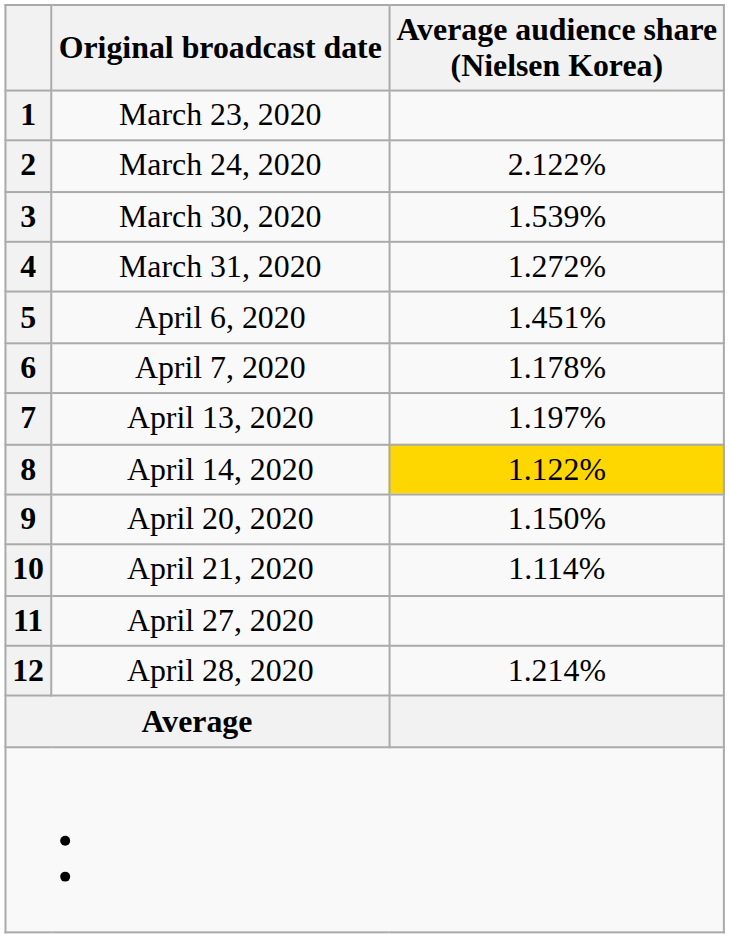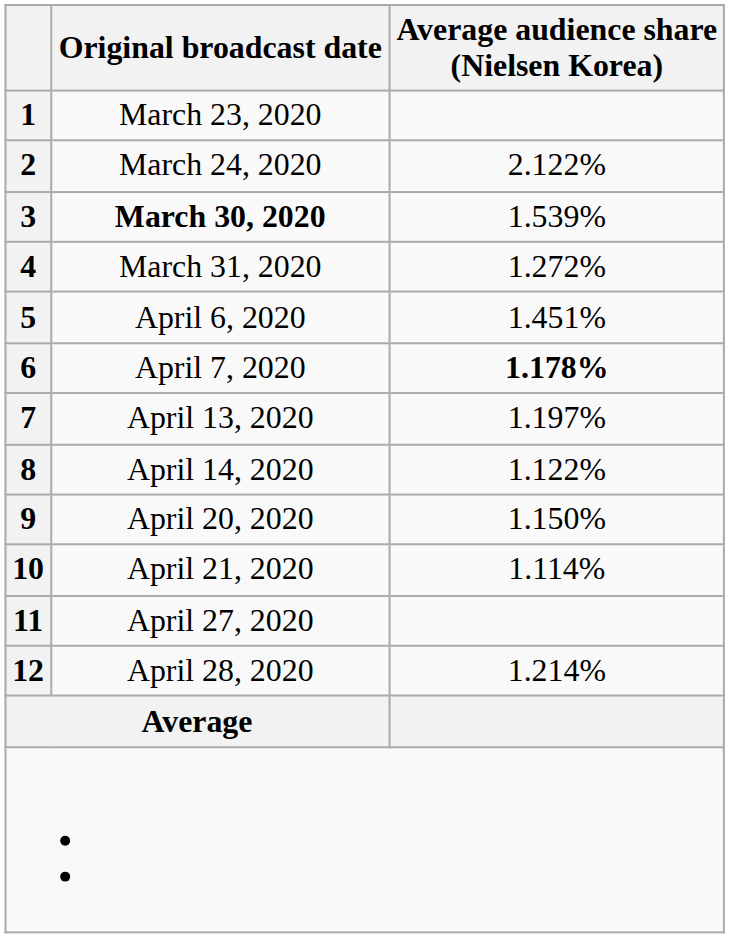 <table class="wikitable" style="text-align:center;max-width:450px; margin-left: auto; margin-right: auto; border: none;">
 <tr>
 </tr>
 <tr>
 <th></th>
 <th>Original broadcast date</th>
 <th>Average audience share<br>(Nielsen Korea)</th>
 </tr>
 <tr>
 <th>1</th>
 <td>March 23, 2020</td>
 <td></td>
 </tr>
 <tr>
 <th>2</th>
 <td>March 24, 2020</td>
 <td>2.122%</td>
 </tr>
 <tr>
 <th>3</th>
-<td>March 30, 2020</td>
+<td><strong>March 30, 2020</strong></td>
 <td>1.539%</td>
 </tr>
 <tr>
 <th>4</th>
 <td>March 31, 2020</td>
 <td>1.272%</td>
 </tr>
 <tr>
 <th>5</th>
 <td>April 6, 2020</td>
 <td>1.451%</td>
 </tr>
 <tr>
 <th>6</th>
 <td>April 7, 2020</td>
-<td>1.178%</td>
+<td><strong>1.178%</strong></td>
 </tr>
 <tr>
 <th>7</th>
 <td>April 13, 2020</td>
 <td>1.197%</td>
 </tr>
 <tr>
 <th>8</th>
 <td>April 14, 2020</td>
-<td style="background: gold;">1.122%</td>
+<td>1.122%</td>
 </tr>
 <tr>
 <th>9</th>
 <td>April 20, 2020</td>
 <td>1.150%</td>
 </tr>
 <tr>
 <th>10</th>
 <td>April 21, 2020</td>
 <td>1.114%</td>
 </tr>
 <tr>
 <th>11</th>
 <td>April 27, 2020</td>
 <td></td>
 </tr>
 <tr>
 <th>12</th>
 <td>April 28, 2020</td>
 <td>1.214%</td>
 </tr>
 <tr>
 <th colspan="2">Average</th>
 <th></th>
 </tr>
 <tr>
 <td colspan="6"><br><ul><li></li><li></li></ul></td>
 </tr>
 </table>
